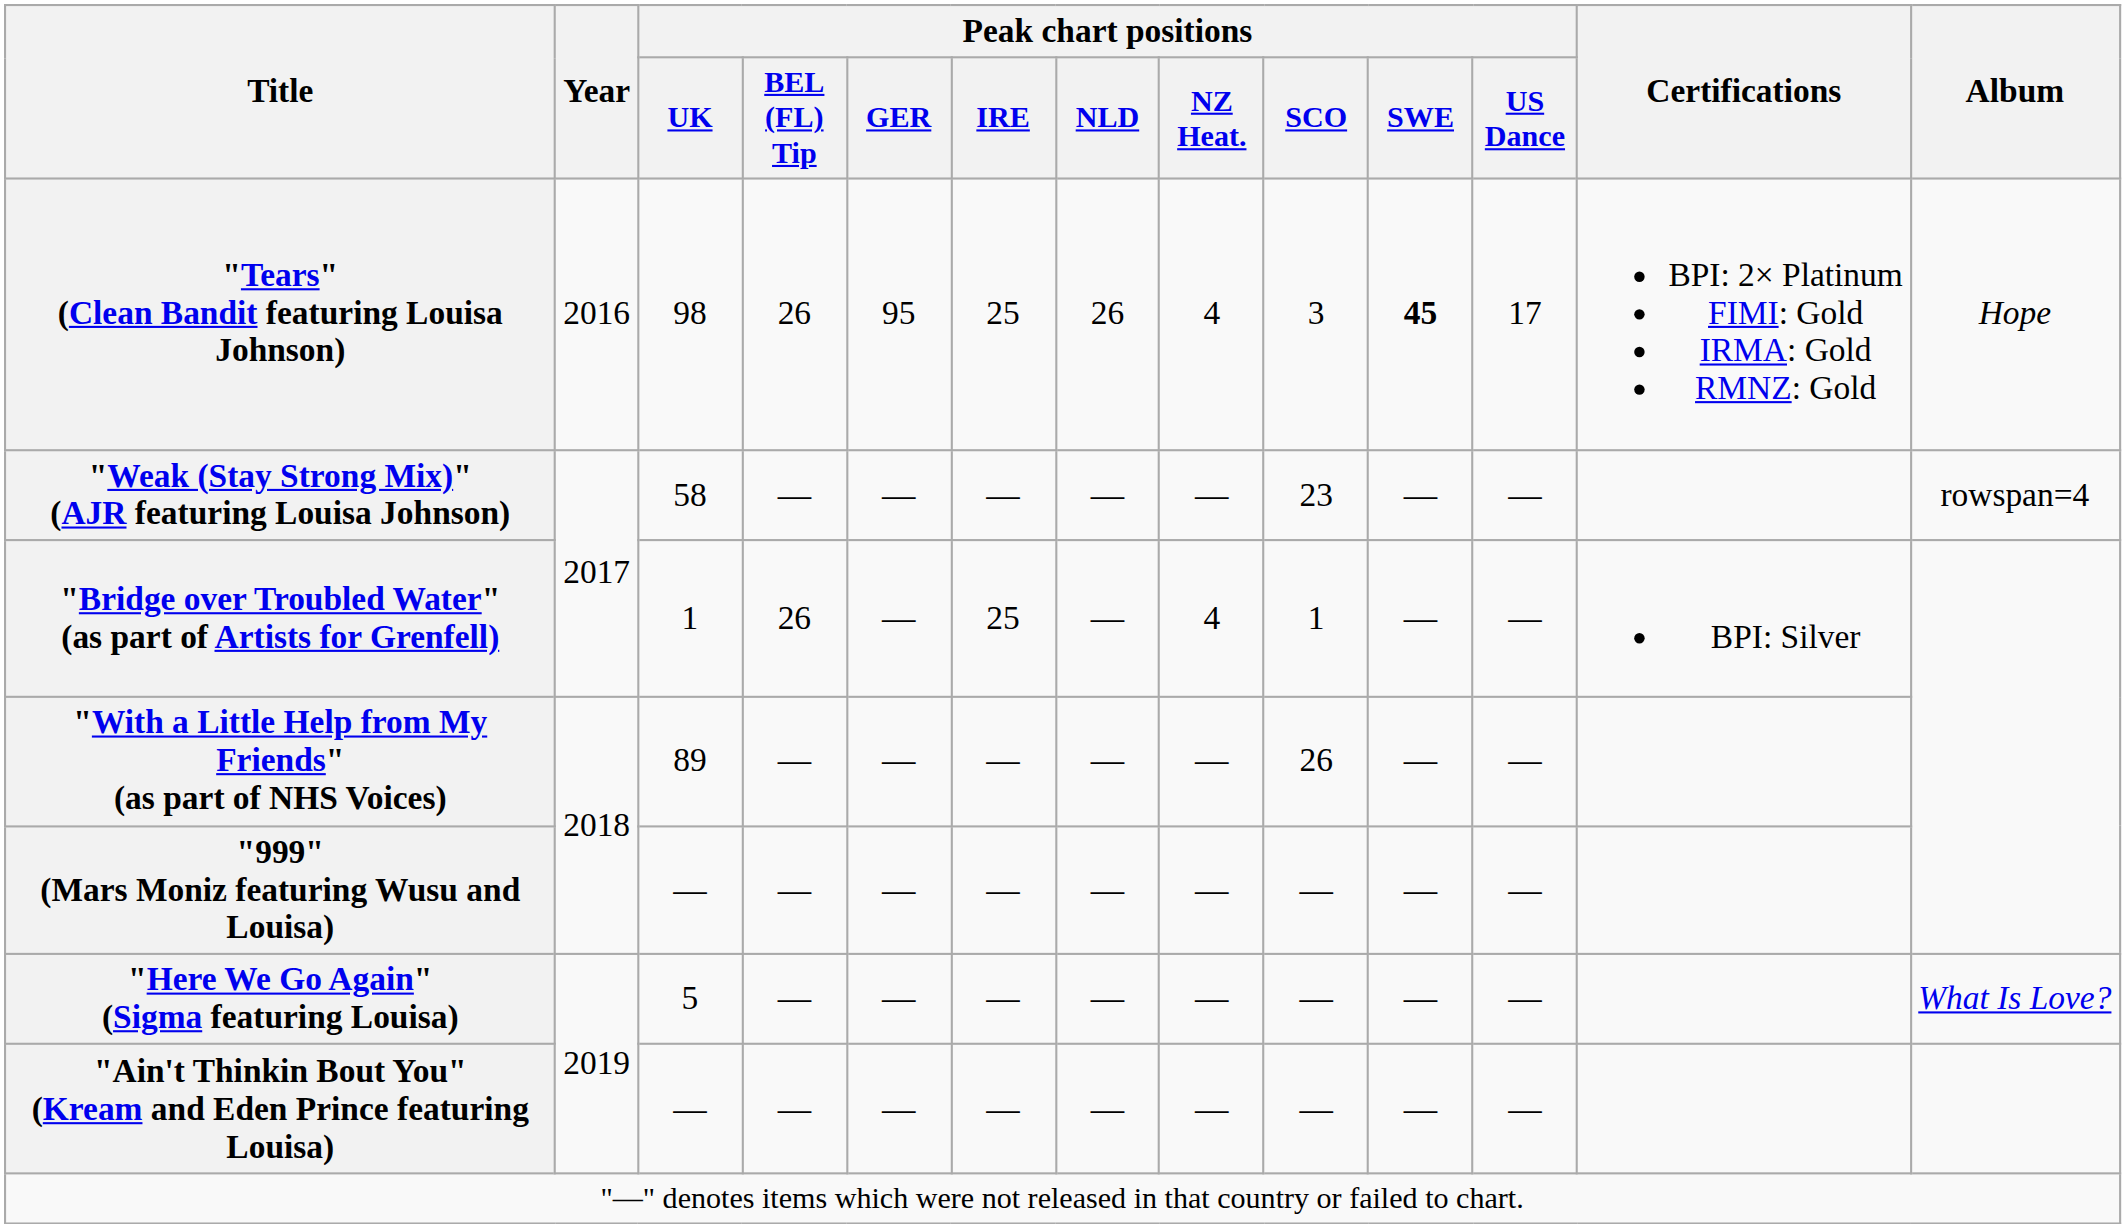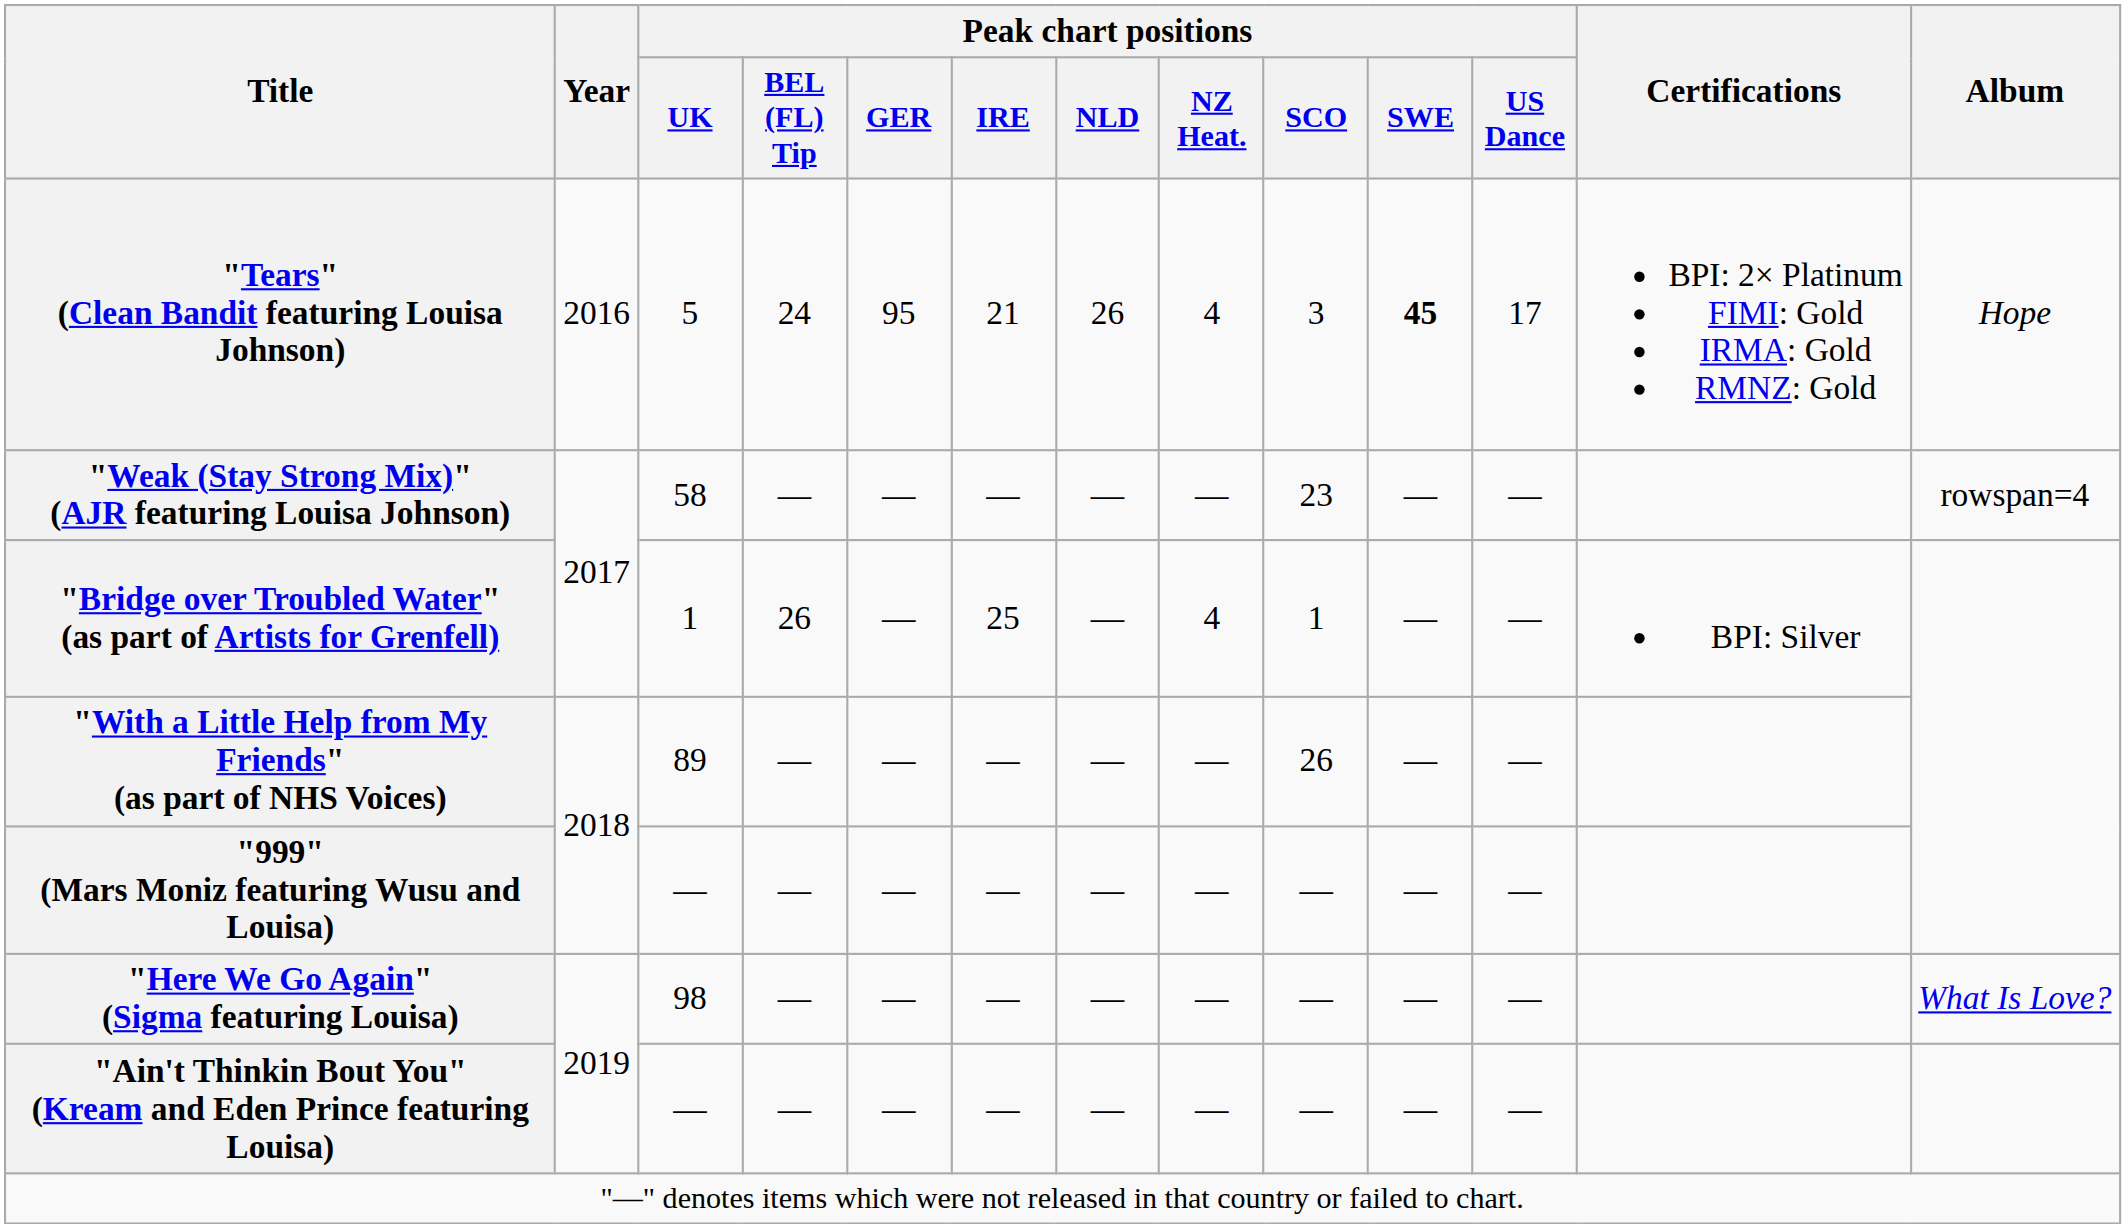 <table class="wikitable plainrowheaders" style="text-align:center;">
 <tr>
 <th scope="col" rowspan=2 style="width:16em;">Title</th>
 <th scope="col" rowspan=2 style="width:1em;">Year</th>
 <th scope="col" colspan=9>Peak chart positions</th>
 <th scope="col" rowspan=2>Certifications</th>
 <th scope="col" rowspan=2>Album</th>
 </tr>
 <tr>
 <th scope="col" style="width:3em;font-size:90%;"><a href='#'>UK</a><br></th>
 <th scope="col" style="width:3em;font-size:90%;"><a href='#'>BEL<br>(FL)<br>Tip</a><br></th>
 <th scope="col" style="width:3em;font-size:90%;"><a href='#'>GER</a><br></th>
 <th scope="col" style="width:3em;font-size:90%;"><a href='#'>IRE</a><br></th>
 <th scope="col" style="width:3em;font-size:90%;"><a href='#'>NLD</a><br></th>
 <th scope="col" style="width:3em;font-size:90%;"><a href='#'>NZ<br>Heat.</a><br></th>
 <th scope="col" style="width:3em;font-size:90%;"><a href='#'>SCO</a><br></th>
 <th scope="col" style="width:3em;font-size:90%;"><a href='#'>SWE</a><br></th>
 <th scope="col" style="width:3em;font-size:90%;"><a href='#'>US<br>Dance</a><br></th>
 </tr>
 <tr>
 <th scope="row">"<a href='#'>Tears</a>"<br><span>(<a href='#'>Clean Bandit</a> featuring Louisa Johnson)</span></th>
 <td>2016</td>
-<td>98</td>
-<td>26</td>
+<td>5</td>
+<td>24</td>
 <td>95</td>
-<td>25</td>
+<td>21</td>
 <td>26</td>
 <td>4</td>
 <td>3</td>
 <td><strong>45</strong></td>
 <td>17</td>
 <td><br><ul><li>BPI: 2× Platinum</li><li><a href='#'>FIMI</a>: Gold</li><li><a href='#'>IRMA</a>: Gold</li><li><a href='#'>RMNZ</a>: Gold</li></ul></td>
 <td><em>Hope</em></td>
 </tr>
 <tr>
 <th scope="row">"<a href='#'>Weak (Stay Strong Mix)</a>"<br><span>(<a href='#'>AJR</a> featuring Louisa Johnson)</span></th>
 <td rowspan=2>2017</td>
 <td>58</td>
 <td>—</td>
 <td>—</td>
 <td>—</td>
 <td>—</td>
 <td>—</td>
 <td>23</td>
 <td>—</td>
 <td>—</td>
 <td></td>
 <td>rowspan=4 </td>
 </tr>
 <tr>
 <th scope="row">"<a href='#'>Bridge over Troubled Water</a>"<br><span>(as part of <a href='#'>Artists for Grenfell)</a></span></th>
 <td>1</td>
 <td>26</td>
 <td>—</td>
 <td>25</td>
 <td>—</td>
 <td>4</td>
 <td>1</td>
 <td>—</td>
 <td>—</td>
 <td><br><ul><li>BPI: Silver</li></ul></td>
 </tr>
 <tr>
 <th scope="row">"<a href='#'>With a Little Help from My Friends</a>"<br><span>(as part of NHS Voices)</span></th>
 <td rowspan=2>2018</td>
 <td>89</td>
 <td>—</td>
 <td>—</td>
 <td>—</td>
 <td>—</td>
 <td>—</td>
 <td>26</td>
 <td>—</td>
 <td>—</td>
 <td></td>
 </tr>
 <tr>
 <th scope="row">"999"<br><span>(Mars Moniz featuring Wusu and Louisa)</span></th>
 <td>—</td>
 <td>—</td>
 <td>—</td>
 <td>—</td>
 <td>—</td>
 <td>—</td>
 <td>—</td>
 <td>—</td>
 <td>—</td>
 <td></td>
 </tr>
 <tr>
 <th scope="row">"<a href='#'>Here We Go Again</a>"<br><span>(<a href='#'>Sigma</a> featuring Louisa)</span></th>
 <td rowspan=2>2019</td>
-<td>5</td>
+<td>98</td>
 <td>—</td>
 <td>—</td>
 <td>—</td>
 <td>—</td>
 <td>—</td>
 <td>—</td>
 <td>—</td>
 <td>—</td>
 <td></td>
 <td><em><a href='#'>What Is Love?</a></em></td>
 </tr>
 <tr>
 <th scope="row">"Ain't Thinkin Bout You" <br><span>(<a href='#'>Kream</a> and Eden Prince featuring Louisa)</span></th>
 <td>—</td>
 <td>—</td>
 <td>—</td>
 <td>—</td>
 <td>—</td>
 <td>—</td>
 <td>—</td>
 <td>—</td>
 <td>—</td>
 <td></td>
 <td></td>
 </tr>
 <tr>
 <td colspan=13 style="font-size:90%;">"—" denotes items which were not released in that country or failed to chart.</td>
 </tr>
 </table>
